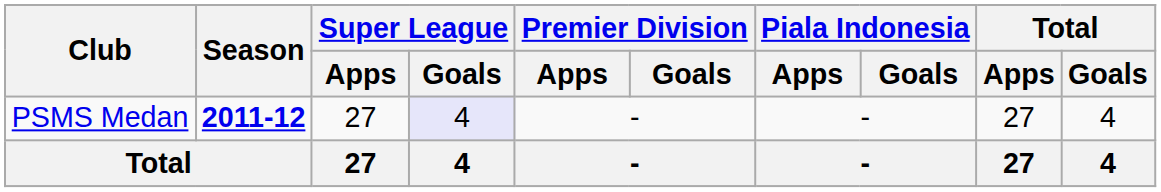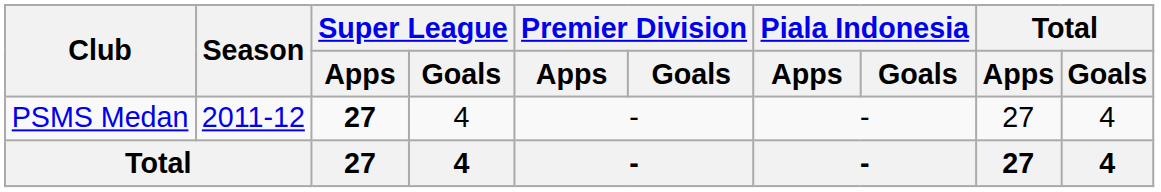 <table class="wikitable" style="font-size:90%; text-align:center;">
 <tr>
 <th rowspan="2">Club</th>
 <th rowspan="2">Season</th>
 <th colspan="2"><a href='#'>Super League</a></th>
 <th colspan="2"><a href='#'>Premier Division</a></th>
 <th colspan="2"><a href='#'>Piala Indonesia</a></th>
 <th colspan="2">Total</th>
 </tr>
 <tr>
 <th>Apps</th>
 <th>Goals</th>
 <th>Apps</th>
 <th>Goals</th>
 <th>Apps</th>
 <th>Goals</th>
 <th>Apps</th>
 <th>Goals</th>
 </tr>
 <tr>
 <td rowspan="1"><a href='#'>PSMS Medan</a></td>
-<td><strong><a href='#'>2011-12</a></strong></td>
-<td>27</td>
-<td style="background: lavender;">4</td>
+<td><a href='#'>2011-12</a></td>
+<td><strong>27</strong></td>
+<td>4</td>
 <td colspan="2">-</td>
 <td colspan="2">-</td>
 <td>27</td>
 <td>4</td>
 </tr>
 <tr>
 <th colspan="2">Total</th>
 <th>27</th>
 <th>4</th>
 <th colspan="2">-</th>
 <th colspan="2">-</th>
 <th>27</th>
 <th>4</th>
 </tr>
 </table>
